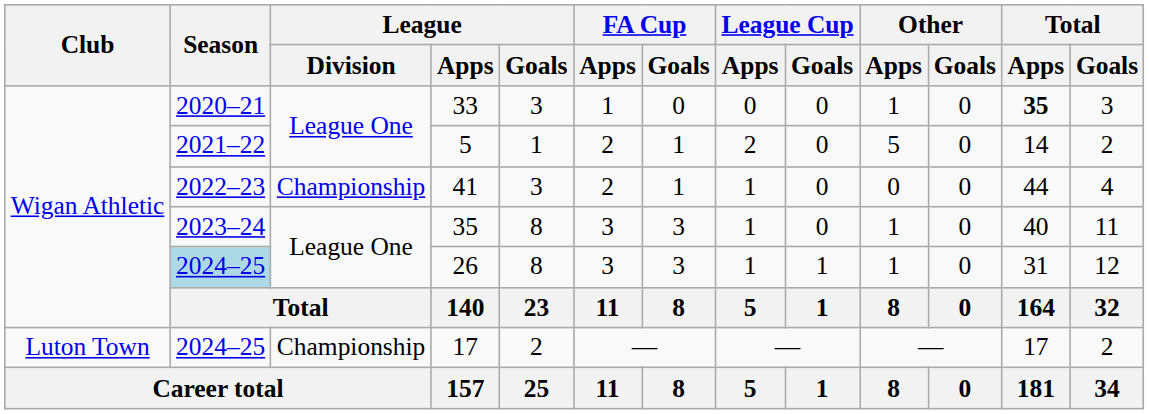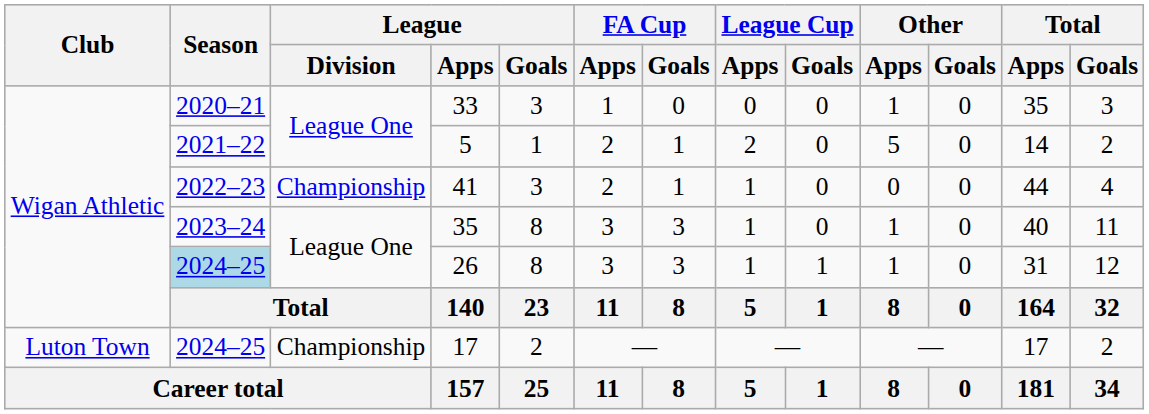 <table class="wikitable" style="text-align:center">
 <tr>
 <th rowspan="2">Club</th>
 <th rowspan="2">Season</th>
 <th colspan="3">League</th>
 <th colspan="2"><a href='#'>FA Cup</a></th>
 <th colspan="2"><a href='#'>League Cup</a></th>
 <th colspan="2">Other</th>
 <th colspan="2">Total</th>
 </tr>
 <tr>
 <th>Division</th>
 <th>Apps</th>
 <th>Goals</th>
 <th>Apps</th>
 <th>Goals</th>
 <th>Apps</th>
 <th>Goals</th>
 <th>Apps</th>
 <th>Goals</th>
 <th>Apps</th>
 <th>Goals</th>
 </tr>
 <tr>
 <td rowspan="6"><a href='#'>Wigan Athletic</a></td>
 <td><a href='#'>2020–21</a></td>
 <td Rowspan=2><a href='#'>League One</a></td>
 <td>33</td>
 <td>3</td>
 <td>1</td>
 <td>0</td>
 <td>0</td>
 <td>0</td>
 <td>1</td>
 <td>0</td>
-<td><strong>35</strong></td>
+<td>35</td>
 <td>3</td>
 </tr>
 <tr>
 <td><a href='#'>2021–22</a></td>
 <td>5</td>
 <td>1</td>
 <td>2</td>
 <td>1</td>
 <td>2</td>
 <td>0</td>
 <td>5</td>
 <td>0</td>
 <td>14</td>
 <td>2</td>
 </tr>
 <tr>
 <td><a href='#'>2022–23</a></td>
 <td><a href='#'>Championship</a></td>
 <td>41</td>
 <td>3</td>
 <td>2</td>
 <td>1</td>
 <td>1</td>
 <td>0</td>
 <td>0</td>
 <td>0</td>
 <td>44</td>
 <td>4</td>
 </tr>
 <tr>
 <td><a href='#'>2023–24</a></td>
 <td Rowspan=2>League One</td>
 <td>35</td>
 <td>8</td>
 <td>3</td>
 <td>3</td>
 <td>1</td>
 <td>0</td>
 <td>1</td>
 <td>0</td>
 <td>40</td>
 <td>11</td>
 </tr>
 <tr>
 <td style="background: lightblue;"><a href='#'>2024–25</a></td>
 <td>26</td>
 <td>8</td>
 <td>3</td>
 <td>3</td>
 <td>1</td>
 <td>1</td>
 <td>1</td>
 <td>0</td>
 <td>31</td>
 <td>12</td>
 </tr>
 <tr>
 <th colspan="2">Total</th>
 <th>140</th>
 <th>23</th>
 <th>11</th>
 <th>8</th>
 <th>5</th>
 <th>1</th>
 <th>8</th>
 <th>0</th>
 <th>164</th>
 <th>32</th>
 </tr>
 <tr>
 <td><a href='#'>Luton Town</a></td>
 <td><a href='#'>2024–25</a></td>
 <td>Championship</td>
 <td>17</td>
 <td>2</td>
 <td colspan="2">—</td>
 <td colspan=2>—</td>
 <td colspan=2>—</td>
 <td>17</td>
 <td>2</td>
 </tr>
 <tr>
 <th colspan="3">Career total</th>
 <th>157</th>
 <th>25</th>
 <th>11</th>
 <th>8</th>
 <th>5</th>
 <th>1</th>
 <th>8</th>
 <th>0</th>
 <th>181</th>
 <th>34</th>
 </tr>
 </table>
